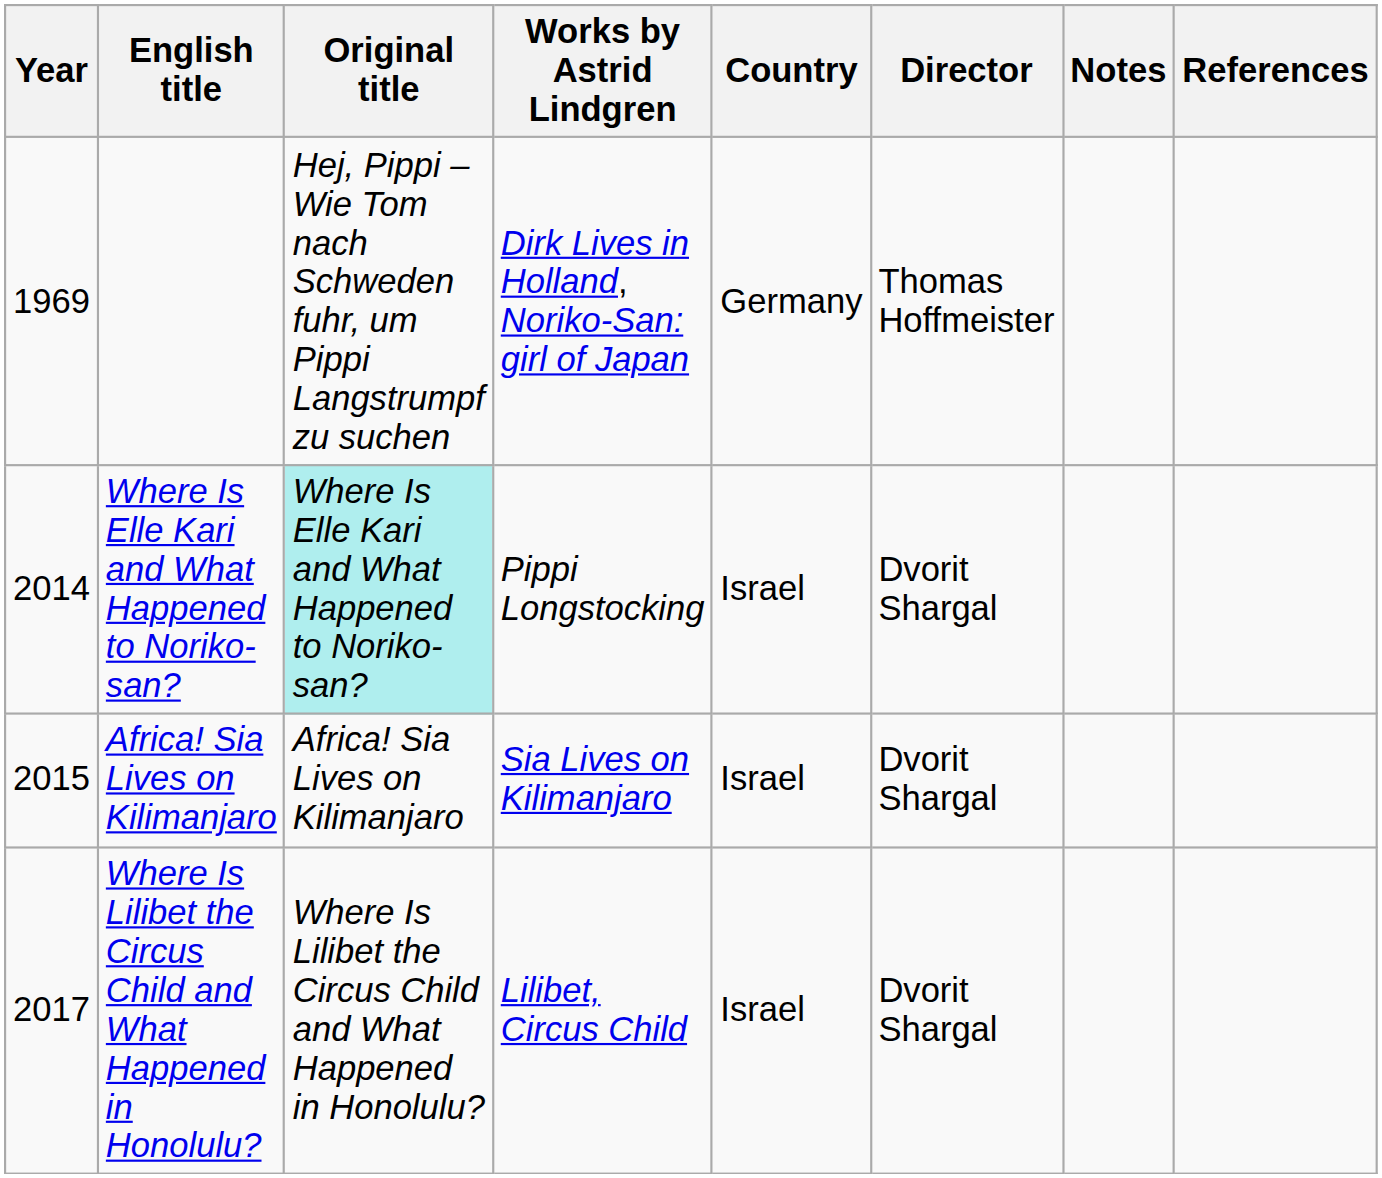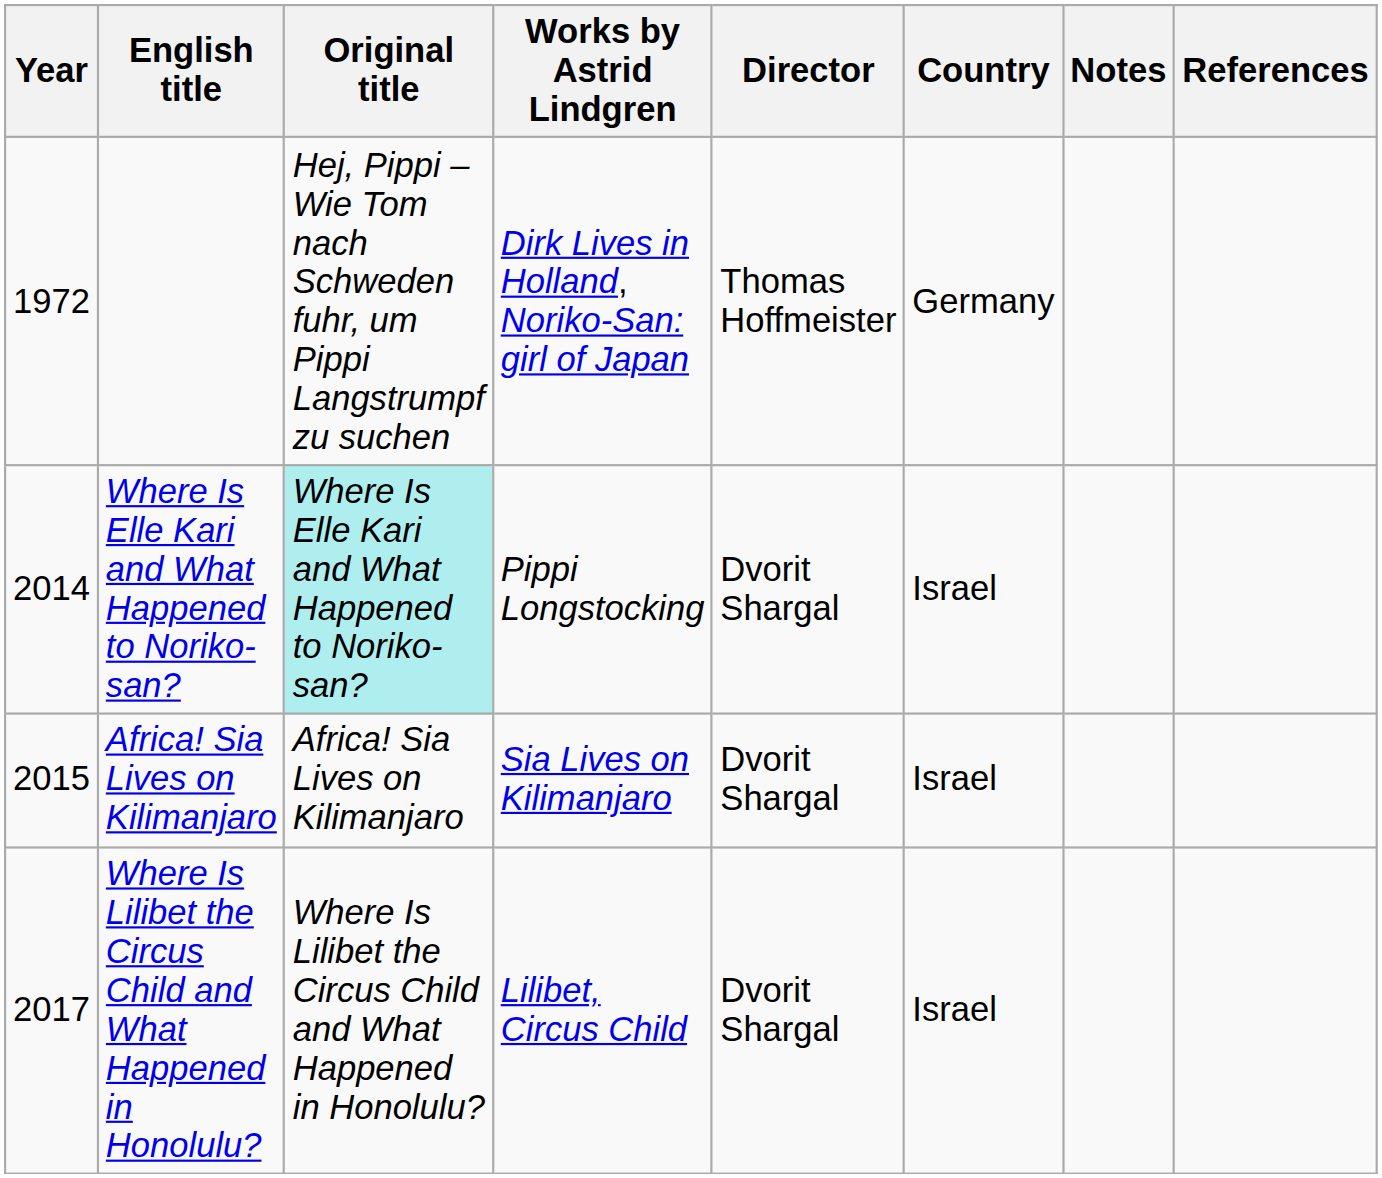 <table class="wikitable sortable">
 <tr class="hintergrundfarbe5">
 <th>Year</th>
 <th>English title</th>
 <th>Original title</th>
 <th>Works by Astrid Lindgren</th>
+<th>Director</th>
 <th>Country</th>
-<th>Director</th>
 <th>Notes</th>
 <th>References</th>
 </tr>
 <tr>
-<td>1969</td>
+<td>1972</td>
 <td></td>
 <td><em>Hej, Pippi – Wie Tom nach Schweden fuhr, um Pippi Langstrumpf zu suchen</em></td>
 <td><em><a href='#'>Dirk Lives in Holland</a></em>, <em><a href='#'>Noriko-San: girl of Japan</a></em></td>
+<td>Thomas Hoffmeister</td>
 <td>Germany</td>
-<td>Thomas Hoffmeister</td>
 <td></td>
 <td></td>
 </tr>
 <tr>
 <td>2014</td>
 <td><em><a href='#'>Where Is Elle Kari and What Happened to Noriko-san?</a></em></td>
 <td style="background: paleturquoise;"><em>Where Is Elle Kari and What Happened to Noriko-san?</em></td>
 <td><em>Pippi Longstocking</em></td>
+<td>Dvorit Shargal</td>
 <td>Israel</td>
-<td>Dvorit Shargal</td>
 <td></td>
 <td></td>
 </tr>
 <tr>
 <td>2015</td>
 <td><em><a href='#'>Africa! Sia Lives on Kilimanjaro</a></em></td>
 <td><em>Africa! Sia Lives on Kilimanjaro</em></td>
 <td><em><a href='#'>Sia Lives on Kilimanjaro</a></em></td>
+<td>Dvorit Shargal</td>
 <td>Israel</td>
-<td>Dvorit Shargal</td>
 <td></td>
 <td></td>
 </tr>
 <tr>
 <td>2017</td>
 <td><em><a href='#'>Where Is Lilibet the Circus Child and What Happened in Honolulu?</a></em></td>
 <td><em>Where Is Lilibet the Circus Child and What Happened in Honolulu?</em></td>
 <td><em><a href='#'>Lilibet, Circus Child</a></em></td>
+<td>Dvorit Shargal</td>
 <td>Israel</td>
-<td>Dvorit Shargal</td>
 <td></td>
 <td></td>
 </tr>
 </table>
